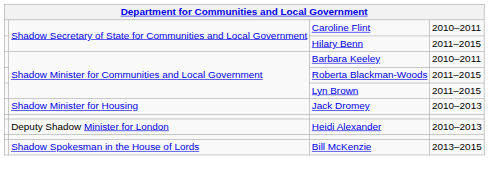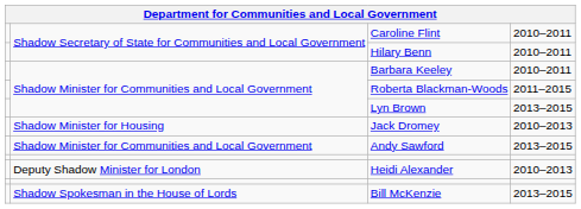 <table class="wikitable">
 <tr>
 <th colspan="4"><a href='#'>Department for Communities and Local Government</a></th>
 </tr>
 <tr>
 <td style="background: "></td>
 <td rowspan="2"><a href='#'>Shadow Secretary of State for Communities and Local Government</a></td>
 <td><a href='#'>Caroline Flint</a></td>
 <td>2010–2011</td>
 </tr>
 <tr>
 <td style="background: "></td>
 <td><a href='#'>Hilary Benn</a></td>
-<td>2011–2015</td>
+<td>2010–2011</td>
 </tr>
 <tr>
 <td style="background: "></td>
 <td rowspan="3"><a href='#'>Shadow Minister for Communities and Local Government</a></td>
 <td><a href='#'>Barbara Keeley</a></td>
 <td>2010–2011</td>
 </tr>
 <tr>
 <td style="background: "></td>
 <td><a href='#'>Roberta Blackman-Woods</a></td>
 <td>2011–2015</td>
 </tr>
 <tr>
 <td style="background: "></td>
 <td><a href='#'>Lyn Brown</a></td>
-<td>2011–2015</td>
+<td>2013–2015</td>
 </tr>
 <tr>
 <td style="background: "></td>
 <td><a href='#'>Shadow Minister for Housing</a></td>
 <td><a href='#'>Jack Dromey</a></td>
 <td>2010–2013</td>
+</tr>
+<tr>
+<td style="background: "></td>
+<td><a href='#'>Shadow Minister for Communities and Local Government</a></td>
+<td><a href='#'>Andy Sawford</a></td>
+<td>2013–2015</td>
 </tr>
 <tr>
 <td style="background: "></td>
 <td></td>
 <td></td>
 <td></td>
 </tr>
 <tr>
 <td style="background: "></td>
 <td rowspan="1">Deputy Shadow <a href='#'>Minister for London</a></td>
 <td><a href='#'>Heidi Alexander</a></td>
 <td>2010–2013</td>
 </tr>
 <tr>
 <td style="background: "></td>
 <td></td>
 <td></td>
 <td></td>
 </tr>
 <tr>
 <td style="background: "></td>
 <td><a href='#'>Shadow Spokesman in the House of Lords</a></td>
 <td><a href='#'>Bill McKenzie</a></td>
 <td>2013–2015</td>
 </tr>
 </table>
